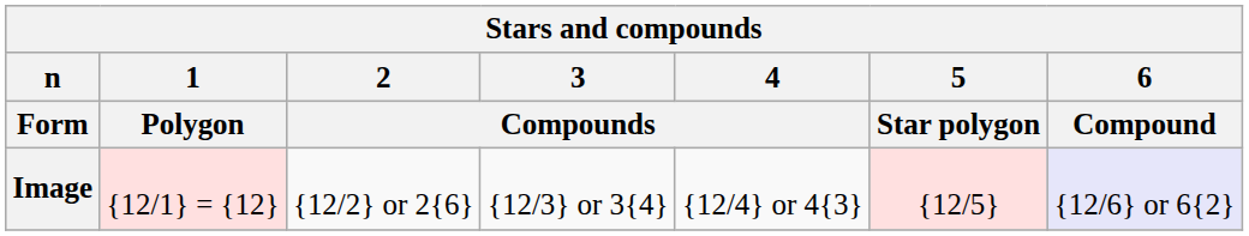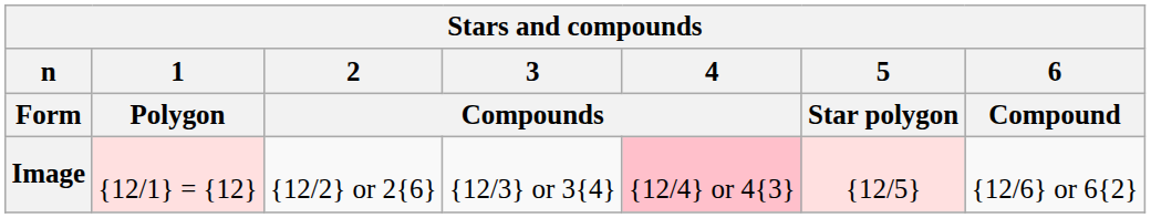 <table class="wikitable collapsible collapsed">
 <tr>
 <th colspan=7>Stars and compounds</th>
 </tr>
 <tr>
 <th>n</th>
 <th>1</th>
 <th>2</th>
 <th>3</th>
 <th>4</th>
 <th>5</th>
 <th>6</th>
 </tr>
 <tr>
 <th>Form</th>
 <th>Polygon</th>
 <th colspan=3>Compounds</th>
 <th>Star polygon</th>
 <th>Compound</th>
 </tr>
 <tr align=center>
 <th>Image</th>
 <td BGCOLOR="#ffe0e0"><br>{12/1} = {12}</td>
 <td><br>{12/2} or 2{6}</td>
 <td><br>{12/3} or 3{4}</td>
-<td><br>{12/4} or 4{3}</td>
+<td style="background: pink;"><br>{12/4} or 4{3}</td>
 <td BGCOLOR="#ffe0e0"><br>{12/5}</td>
-<td style="background: lavender;"><br>{12/6} or 6{2}</td>
+<td><br>{12/6} or 6{2}</td>
 </tr>
 </table>
